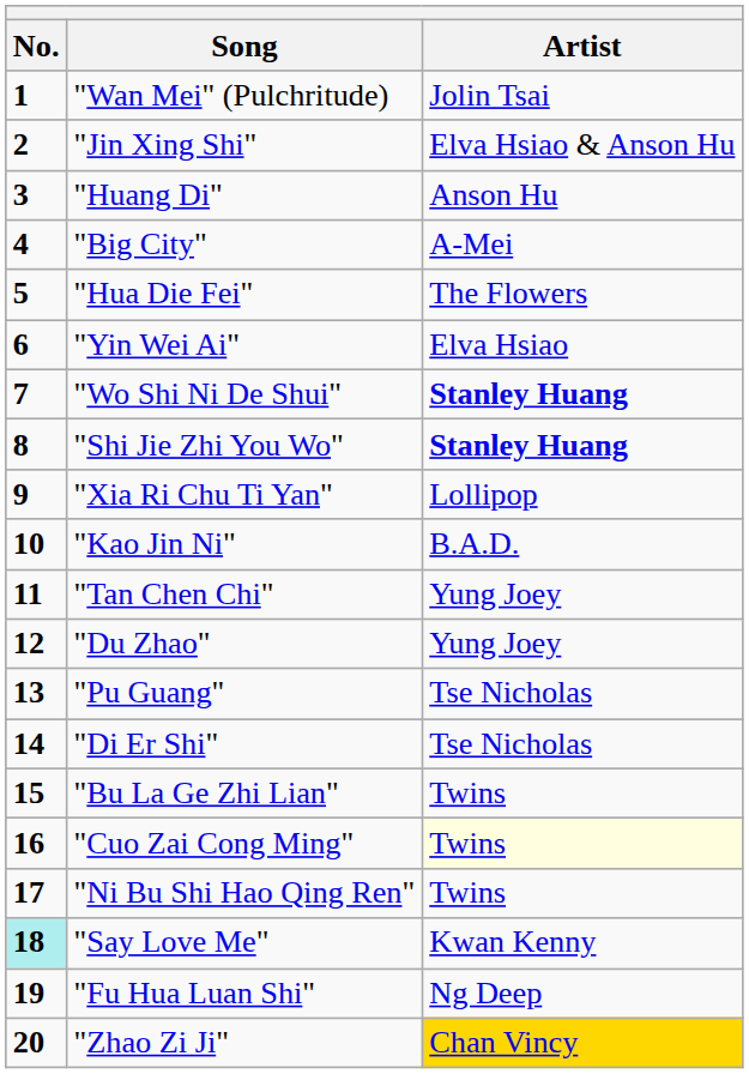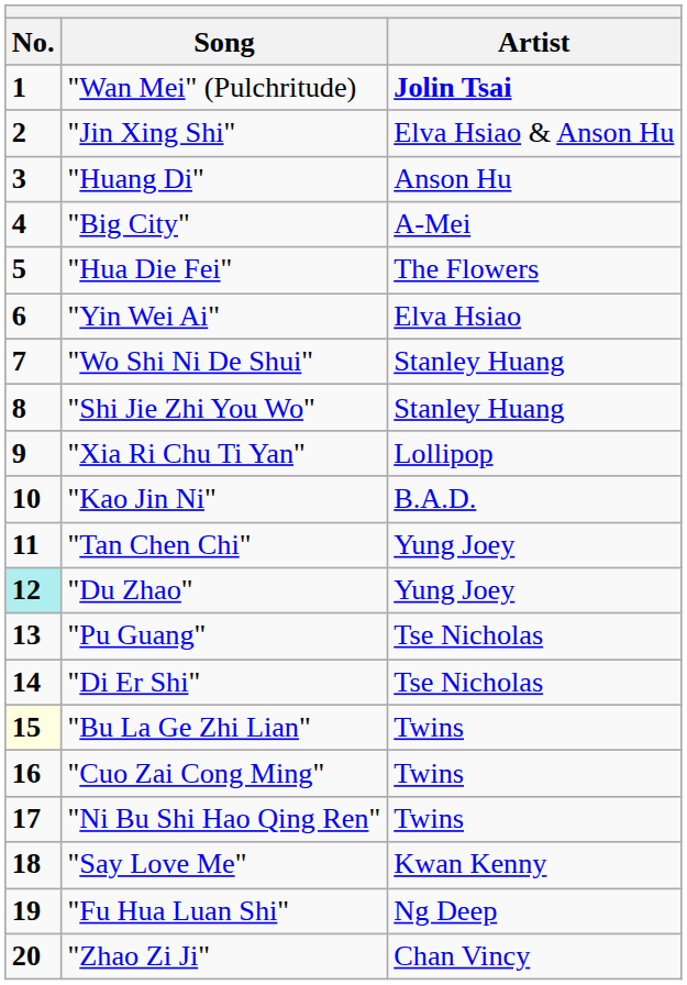 <table class="wikitable collapsible collapsed">
 <tr>
 <th colspan="4"></th>
 </tr>
 <tr>
 <th>No.</th>
 <th>Song</th>
 <th>Artist</th>
 </tr>
 <tr>
 <td><strong>1</strong></td>
 <td>"<a href='#'>Wan Mei</a>" (Pulchritude)</td>
-<td><a href='#'>Jolin Tsai</a></td>
+<td><strong><a href='#'>Jolin Tsai</a></strong></td>
 </tr>
 <tr>
 <td><strong>2</strong></td>
 <td>"<a href='#'>Jin Xing Shi</a>"</td>
 <td><a href='#'>Elva Hsiao</a> & <a href='#'>Anson Hu</a></td>
 </tr>
 <tr>
 <td><strong>3</strong></td>
 <td>"<a href='#'>Huang Di</a>"</td>
 <td><a href='#'>Anson Hu</a></td>
 </tr>
 <tr>
 <td><strong>4</strong></td>
 <td>"<a href='#'>Big City</a>"</td>
 <td><a href='#'>A-Mei</a></td>
 </tr>
 <tr>
 <td><strong>5</strong></td>
 <td>"<a href='#'>Hua Die Fei</a>"</td>
 <td><a href='#'>The Flowers</a></td>
 </tr>
 <tr>
 <td><strong>6</strong></td>
 <td>"<a href='#'>Yin Wei Ai</a>"</td>
 <td><a href='#'>Elva Hsiao</a></td>
 </tr>
 <tr>
 <td><strong>7</strong></td>
 <td>"<a href='#'>Wo Shi Ni De Shui</a>"</td>
-<td><strong><a href='#'>Stanley Huang</a></strong></td>
+<td><a href='#'>Stanley Huang</a></td>
 </tr>
 <tr>
 <td><strong>8</strong></td>
 <td>"<a href='#'>Shi Jie Zhi You Wo</a>"</td>
-<td><strong><a href='#'>Stanley Huang</a></strong></td>
+<td><a href='#'>Stanley Huang</a></td>
 </tr>
 <tr>
 <td><strong>9</strong></td>
 <td>"<a href='#'>Xia Ri Chu Ti Yan</a>"</td>
 <td><a href='#'>Lollipop</a></td>
 </tr>
 <tr>
 <td><strong>10</strong></td>
 <td>"<a href='#'>Kao Jin Ni</a>"</td>
 <td><a href='#'>B.A.D.</a></td>
 </tr>
 <tr>
 <td><strong>11</strong></td>
 <td>"<a href='#'>Tan Chen Chi</a>"</td>
 <td><a href='#'>Yung Joey</a></td>
 </tr>
 <tr>
-<td><strong>12</strong></td>
+<td style="background: paleturquoise;"><strong>12</strong></td>
 <td>"<a href='#'>Du Zhao</a>"</td>
 <td><a href='#'>Yung Joey</a></td>
 </tr>
 <tr>
 <td><strong>13</strong></td>
 <td>"<a href='#'>Pu Guang</a>"</td>
 <td><a href='#'>Tse Nicholas</a></td>
 </tr>
 <tr>
 <td><strong>14</strong></td>
 <td>"<a href='#'>Di Er Shi</a>"</td>
 <td><a href='#'>Tse Nicholas</a></td>
 </tr>
 <tr>
-<td><strong>15</strong></td>
+<td style="background: lightyellow;"><strong>15</strong></td>
 <td>"<a href='#'>Bu La Ge Zhi Lian</a>"</td>
 <td><a href='#'>Twins</a></td>
 </tr>
 <tr>
 <td><strong>16</strong></td>
 <td>"<a href='#'>Cuo Zai Cong Ming</a>"</td>
-<td style="background: lightyellow;"><a href='#'>Twins</a></td>
+<td><a href='#'>Twins</a></td>
 </tr>
 <tr>
 <td><strong>17</strong></td>
 <td>"<a href='#'>Ni Bu Shi Hao Qing Ren</a>"</td>
 <td><a href='#'>Twins</a></td>
 </tr>
 <tr>
-<td style="background: paleturquoise;"><strong>18</strong></td>
+<td><strong>18</strong></td>
 <td>"<a href='#'>Say Love Me</a>"</td>
 <td><a href='#'>Kwan Kenny</a></td>
 </tr>
 <tr>
 <td><strong>19</strong></td>
 <td>"<a href='#'>Fu Hua Luan Shi</a>"</td>
 <td><a href='#'>Ng Deep</a></td>
 </tr>
 <tr>
 <td><strong>20</strong></td>
 <td>"<a href='#'>Zhao Zi Ji</a>"</td>
-<td style="background: gold;"><a href='#'>Chan Vincy</a></td>
+<td><a href='#'>Chan Vincy</a></td>
 </tr>
 </table>
